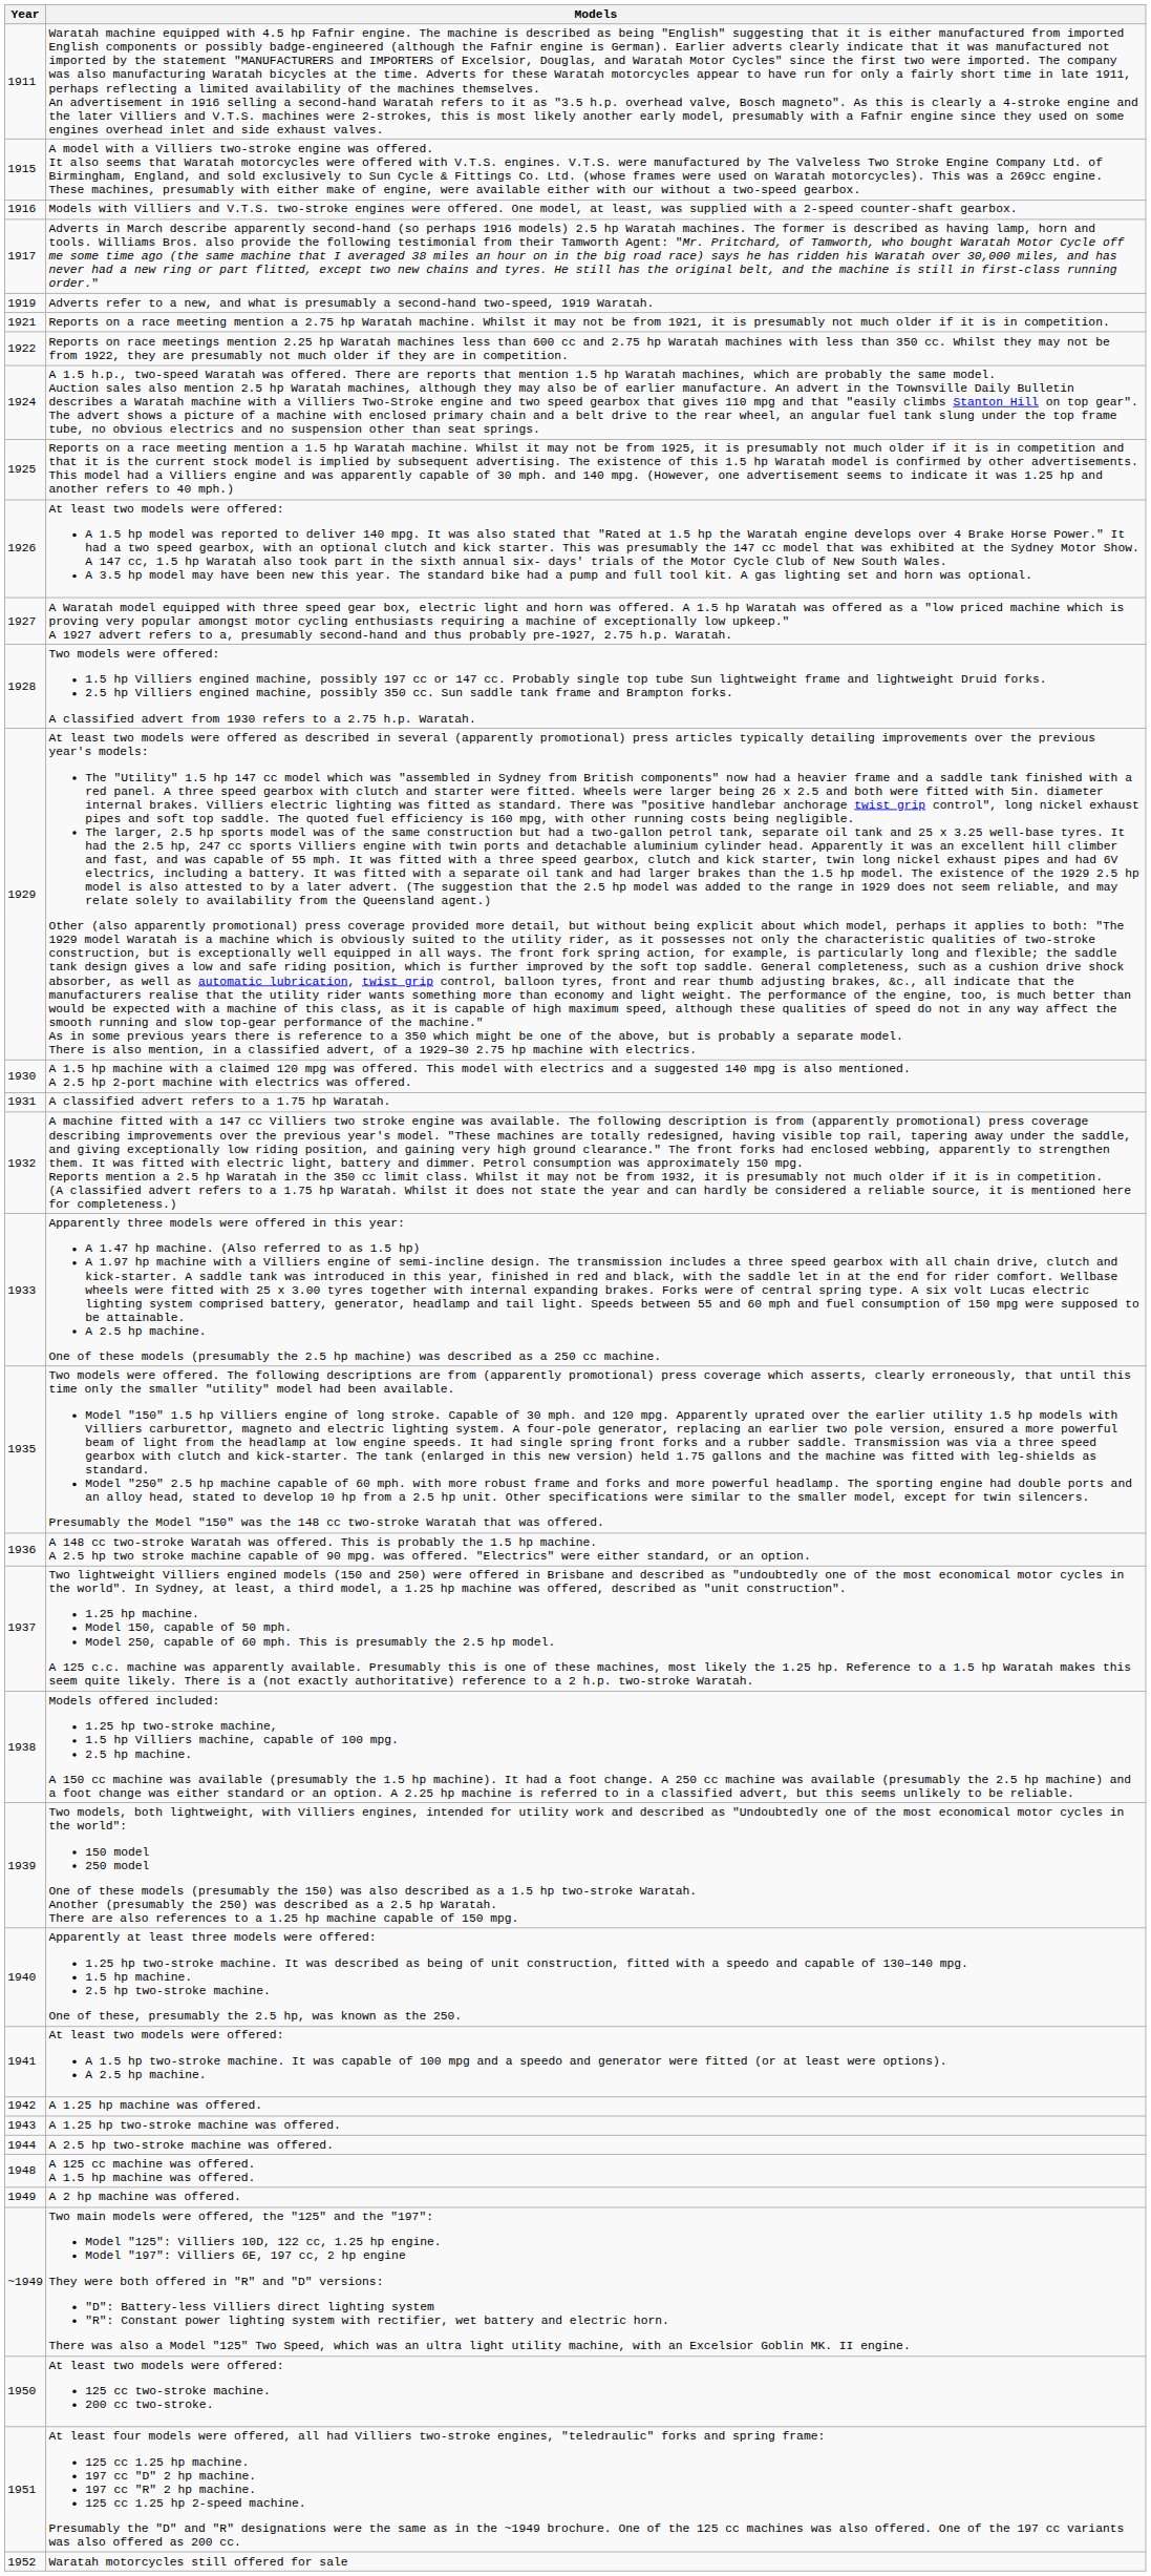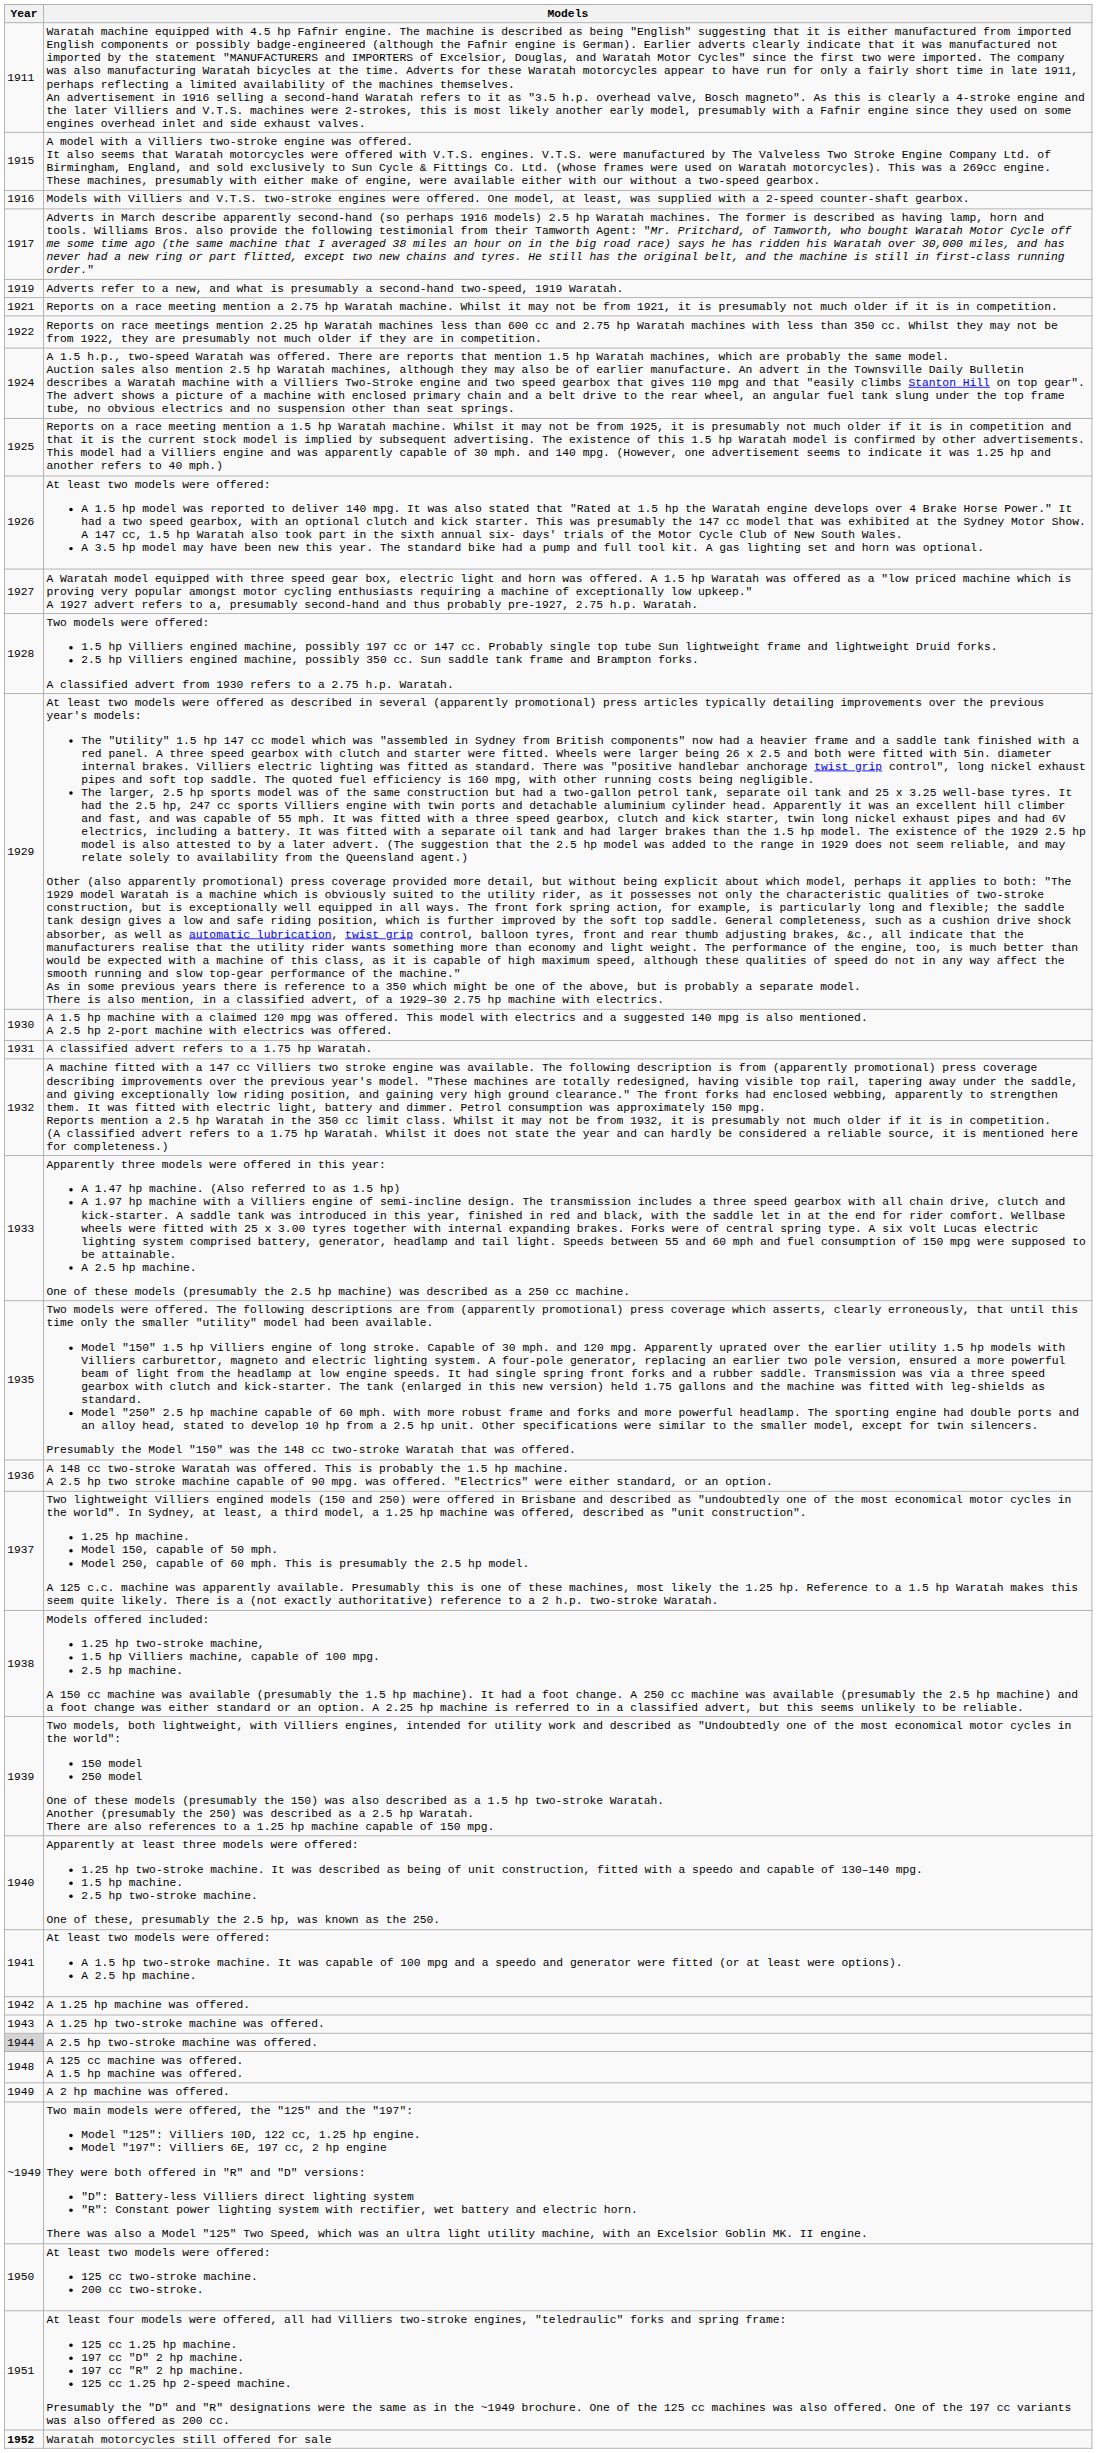 <table class="wikitable" border="1">
 <tr>
 <th>Year</th>
 <th>Models</th>
 </tr>
 <tr>
 <td>1911</td>
 <td>Waratah machine equipped with 4.5 hp Fafnir engine. The machine is described as being "English" suggesting that it is either manufactured from imported English components or possibly badge-engineered (although the Fafnir engine is German). Earlier adverts clearly indicate that it was manufactured not imported by the statement "MANUFACTURERS and IMPORTERS of Excelsior, Douglas, and Waratah Motor Cycles" since the first two were imported. The company was also manufacturing Waratah bicycles at the time. Adverts for these Waratah motorcycles appear to have run for only a fairly short time in late 1911, perhaps reflecting a limited availability of the machines themselves.<br>An advertisement in 1916 selling a second-hand Waratah refers to it as "3.5 h.p. overhead valve, Bosch magneto". As this is clearly a 4-stroke engine and the later Villiers and V.T.S. machines were 2-strokes, this is most likely another early model, presumably with a Fafnir engine since they used on some engines overhead inlet and side exhaust valves.</td>
 </tr>
 <tr>
 <td>1915</td>
 <td>A model with a Villiers two-stroke engine was offered.<br>It also seems that Waratah motorcycles were offered with V.T.S. engines. V.T.S. were manufactured by The Valveless Two Stroke Engine Company Ltd. of Birmingham, England, and sold exclusively to Sun Cycle & Fittings Co. Ltd. (whose frames were used on Waratah motorcycles). This was a 269cc engine.<br>These machines, presumably with either make of engine, were available either with our without a two-speed gearbox.</td>
 </tr>
 <tr>
 <td>1916</td>
 <td>Models with Villiers and V.T.S. two-stroke engines were offered. One model, at least, was supplied with a 2-speed counter-shaft gearbox.</td>
 </tr>
 <tr>
 <td>1917</td>
 <td>Adverts in March describe apparently second-hand (so perhaps 1916 models) 2.5 hp Waratah machines. The former is described as having lamp, horn and tools. Williams Bros. also provide the following testimonial from their Tamworth Agent: "<em>Mr. Pritchard, of Tamworth, who bought Waratah Motor Cycle off me some time ago (the same machine that I averaged 38 miles an hour on in the big road race) says he has ridden his Waratah over 30,000 miles, and has never had a new ring or part flitted, except two new chains and tyres. He still has the original belt, and the machine is still in first-class running order.</em>"</td>
 </tr>
 <tr>
 <td>1919</td>
 <td>Adverts refer to a new, and what is presumably a second-hand two-speed, 1919 Waratah.</td>
 </tr>
 <tr>
 <td>1921</td>
 <td>Reports on a race meeting mention a 2.75 hp Waratah machine. Whilst it may not be from 1921, it is presumably not much older if it is in competition.</td>
 </tr>
 <tr>
 <td>1922</td>
 <td>Reports on race meetings mention 2.25 hp Waratah machines less than 600 cc and 2.75 hp Waratah machines with less than 350 cc. Whilst they may not be from 1922, they are presumably not much older if they are in competition.</td>
 </tr>
 <tr>
 <td>1924</td>
 <td>A 1.5 h.p., two-speed Waratah was offered. There are reports that mention 1.5 hp Waratah machines, which are probably the same model.<br>Auction sales also mention 2.5 hp Waratah machines, although they may also be of earlier manufacture. An advert in the Townsville Daily Bulletin describes a Waratah machine with a Villiers Two-Stroke engine and two speed gearbox that gives 110 mpg and that "easily climbs <a href='#'>Stanton Hill</a> on top gear". The advert shows a picture of a machine with enclosed primary chain and a belt drive to the rear wheel, an angular fuel tank slung under the top frame tube, no obvious electrics and no suspension other than seat springs.</td>
 </tr>
 <tr>
 <td>1925</td>
 <td>Reports on a race meeting mention a 1.5 hp Waratah machine. Whilst it may not be from 1925, it is presumably not much older if it is in competition and that it is the current stock model is implied by subsequent advertising. The existence of this 1.5 hp Waratah model is confirmed by other advertisements. This model had a Villiers engine and was apparently capable of 30 mph. and 140 mpg. (However, one advertisement seems to indicate it was 1.25 hp and another refers to 40 mph.)</td>
 </tr>
 <tr>
 <td>1926</td>
 <td>At least two models were offered:<br><ul><li>A 1.5 hp model was reported to deliver 140 mpg. It was also stated that "Rated at 1.5 hp the Waratah engine develops over 4 Brake Horse Power." It had a two speed gearbox, with an optional clutch and kick starter. This was presumably the 147 cc model that was exhibited at the Sydney Motor Show. A 147 cc, 1.5 hp Waratah also took part in the sixth annual six- days' trials of the Motor Cycle Club of New South Wales.</li><li>A 3.5 hp model may have been new this year. The standard bike had a pump and full tool kit. A gas lighting set and horn was optional.</li></ul></td>
 </tr>
 <tr>
 <td>1927</td>
 <td>A Waratah model equipped with three speed gear box, electric light and horn was offered. A 1.5 hp Waratah was offered as a "low priced machine which is proving very popular amongst motor cycling enthusiasts requiring a machine of exceptionally low upkeep."<br>A 1927 advert refers to a, presumably second-hand and thus probably pre-1927, 2.75 h.p. Waratah.</td>
 </tr>
 <tr>
 <td>1928</td>
 <td>Two models were offered:<br><ul><li>1.5 hp Villiers engined machine, possibly 197 cc or 147 cc. Probably single top tube Sun lightweight frame and lightweight Druid forks.</li><li>2.5 hp Villiers engined machine, possibly 350 cc. Sun saddle tank frame and Brampton forks.</li></ul>A classified advert from 1930 refers to a 2.75 h.p. Waratah.</td>
 </tr>
 <tr>
 <td>1929</td>
 <td>At least two models were offered as described in several (apparently promotional) press articles typically detailing improvements over the previous year's models:<br><ul><li>The "Utility" 1.5 hp 147 cc model which was "assembled in Sydney from British components" now had a heavier frame and a saddle tank finished with a red panel. A three speed gearbox with clutch and starter were fitted. Wheels were larger being 26 x 2.5 and both were fitted with 5in. diameter internal brakes. Villiers electric lighting was fitted as standard. There was "positive handlebar anchorage <a href='#'>twist grip</a> control", long nickel exhaust pipes and soft top saddle. The quoted fuel efficiency is 160 mpg, with other running costs being negligible.</li><li>The larger, 2.5 hp sports model was of the same construction but had a two-gallon petrol tank, separate oil tank and 25 x 3.25 well-base tyres. It had the 2.5 hp, 247 cc sports Villiers engine with twin ports and detachable aluminium cylinder head. Apparently it was an excellent hill climber and fast, and was capable of 55 mph. It was fitted with a three speed gearbox, clutch and kick starter, twin long nickel exhaust pipes and had 6V electrics, including a battery. It was fitted with a separate oil tank and had larger brakes than the 1.5 hp model. The existence of the 1929 2.5 hp model is also attested to by a later advert. (The suggestion that the 2.5 hp model was added to the range in 1929 does not seem reliable, and may relate solely to availability from the Queensland agent.)</li></ul>Other (also apparently promotional) press coverage provided more detail, but without being explicit about which model, perhaps it applies to both: "The 1929 model Waratah is a machine which is obviously suited to the utility rider, as it possesses not only the characteristic qualities of two-stroke construction, but is exceptionally well equipped in all ways. The front fork spring action, for example, is particularly long and flexible; the saddle tank design gives a low and safe riding position, which is further improved by the soft top saddle. General completeness, such as a cushion drive shock absorber, as well as <a href='#'>automatic lubrication</a>, <a href='#'>twist grip</a> control, balloon tyres, front and rear thumb adjusting brakes, &c., all indicate that the manufacturers realise that the utility rider wants something more than economy and light weight. The performance of the engine, too, is much better than would be expected with a machine of this class, as it is capable of high maximum speed, although these qualities of speed do not in any way affect the smooth running and slow top-gear performance of the machine."<br>As in some previous years there is reference to a 350 which might be one of the above, but is probably a separate model.<br>There is also mention, in a classified advert, of a 1929–30 2.75 hp machine with electrics.</td>
 </tr>
 <tr>
 <td>1930</td>
 <td>A 1.5 hp machine with a claimed 120 mpg was offered. This model with electrics and a suggested 140 mpg is also mentioned.<br>A 2.5 hp 2-port machine with electrics was offered.</td>
 </tr>
 <tr>
 <td>1931</td>
 <td>A classified advert refers to a 1.75 hp Waratah.</td>
 </tr>
 <tr>
 <td>1932</td>
 <td>A machine fitted with a 147 cc Villiers two stroke engine was available. The following description is from (apparently promotional) press coverage describing improvements over the previous year's model. "These machines are totally redesigned, having visible top rail, tapering away under the saddle, and giving exceptionally low riding position, and gaining very high ground clearance." The front forks had enclosed webbing, apparently to strengthen them. It was fitted with electric light, battery and dimmer. Petrol consumption was approximately 150 mpg.<br>Reports mention a 2.5 hp Waratah in the 350 cc limit class. Whilst it may not be from 1932, it is presumably not much older if it is in competition.<br>(A classified advert refers to a 1.75 hp Waratah. Whilst it does not state the year and can hardly be considered a reliable source, it is mentioned here for completeness.)</td>
 </tr>
 <tr>
 <td>1933</td>
 <td>Apparently three models were offered in this year:<br><ul><li>A 1.47 hp machine. (Also referred to as 1.5 hp)</li><li>A 1.97 hp machine with a Villiers engine of semi-incline design. The transmission includes a three speed gearbox with all chain drive, clutch and kick-starter. A saddle tank was introduced in this year, finished in red and black, with the saddle let in at the end for rider comfort. Wellbase wheels were fitted with 25 x 3.00 tyres together with internal expanding brakes. Forks were of central spring type. A six volt Lucas electric lighting system comprised battery, generator, headlamp and tail light. Speeds between 55 and 60 mph and fuel consumption of 150 mpg were supposed to be attainable.</li><li>A 2.5 hp machine.</li></ul>One of these models (presumably the 2.5 hp machine) was described as a 250 cc machine.</td>
 </tr>
 <tr>
 <td>1935</td>
 <td>Two models were offered. The following descriptions are from (apparently promotional) press coverage which asserts, clearly erroneously, that until this time only the smaller "utility" model had been available.<br><ul><li>Model "150" 1.5 hp Villiers engine of long stroke. Capable of 30 mph. and 120 mpg. Apparently uprated over the earlier utility 1.5 hp models with Villiers carburettor, magneto and electric lighting system. A four-pole generator, replacing an earlier two pole version, ensured a more powerful beam of light from the headlamp at low engine speeds. It had single spring front forks and a rubber saddle. Transmission was via a three speed gearbox with clutch and kick-starter. The tank (enlarged in this new version) held 1.75 gallons and the machine was fitted with leg-shields as standard.</li><li>Model "250" 2.5 hp machine capable of 60 mph. with more robust frame and forks and more powerful headlamp. The sporting engine had double ports and an alloy head, stated to develop 10 hp from a 2.5 hp unit. Other specifications were similar to the smaller model, except for twin silencers.</li></ul>Presumably the Model "150" was the 148 cc two-stroke Waratah that was offered.</td>
 </tr>
 <tr>
 <td>1936</td>
 <td>A 148 cc two-stroke Waratah was offered. This is probably the 1.5 hp machine.<br>A 2.5 hp two stroke machine capable of 90 mpg. was offered. "Electrics" were either standard, or an option.</td>
 </tr>
 <tr>
 <td>1937</td>
 <td>Two lightweight Villiers engined models (150 and 250) were offered in Brisbane and described as "undoubtedly one of the most economical motor cycles in the world". In Sydney, at least, a third model, a 1.25 hp machine was offered, described as "unit construction".<br><ul><li>1.25 hp machine.</li><li>Model 150, capable of 50 mph.</li><li>Model 250, capable of 60 mph. This is presumably the 2.5 hp model.</li></ul>A 125 c.c. machine was apparently available. Presumably this is one of these machines, most likely the 1.25 hp. Reference to a 1.5 hp Waratah makes this seem quite likely. There is a (not exactly authoritative) reference to a 2 h.p. two-stroke Waratah.</td>
 </tr>
 <tr>
 <td>1938</td>
 <td>Models offered included:<br><ul><li>1.25 hp two-stroke machine,</li><li>1.5 hp Villiers machine, capable of 100 mpg.</li><li>2.5 hp machine.</li></ul>A 150 cc machine was available (presumably the 1.5 hp machine). It had a foot change. A 250 cc machine was available (presumably the 2.5 hp machine) and a foot change was either standard or an option. A 2.25 hp machine is referred to in a classified advert, but this seems unlikely to be reliable.</td>
 </tr>
 <tr>
 <td>1939</td>
 <td>Two models, both lightweight, with Villiers engines, intended for utility work and described as "Undoubtedly one of the most economical motor cycles in the world":<br><ul><li>150 model</li><li>250 model</li></ul>One of these models (presumably the 150) was also described as a 1.5 hp two-stroke Waratah.<br>Another (presumably the 250) was described as a 2.5 hp Waratah.<br>There are also references to a 1.25 hp machine capable of 150 mpg.</td>
 </tr>
 <tr>
 <td>1940</td>
 <td>Apparently at least three models were offered:<br><ul><li>1.25 hp two-stroke machine. It was described as being of unit construction, fitted with a speedo and capable of 130–140 mpg.</li><li>1.5 hp machine.</li><li>2.5 hp two-stroke machine.</li></ul>One of these, presumably the 2.5 hp, was known as the 250.</td>
 </tr>
 <tr>
 <td>1941</td>
 <td>At least two models were offered:<br><ul><li>A 1.5 hp two-stroke machine. It was capable of 100 mpg and a speedo and generator were fitted (or at least were options).</li><li>A 2.5 hp machine.</li></ul></td>
 </tr>
 <tr>
 <td>1942</td>
 <td>A 1.25 hp machine was offered.</td>
 </tr>
 <tr>
 <td>1943</td>
 <td>A 1.25 hp two-stroke machine was offered.</td>
 </tr>
 <tr>
-<td>1944</td>
+<td style="background: lightgrey;">1944</td>
 <td>A 2.5 hp two-stroke machine was offered.</td>
 </tr>
 <tr>
 <td>1948</td>
 <td>A 125 cc machine was offered.<br>A 1.5 hp machine was offered.</td>
 </tr>
 <tr>
 <td>1949</td>
 <td>A 2 hp machine was offered.</td>
 </tr>
 <tr>
 <td>~1949</td>
 <td>Two main models were offered, the "125" and the "197":<br><ul><li>Model "125": Villiers 10D, 122 cc, 1.25 hp engine.</li><li>Model "197": Villiers 6E, 197 cc, 2 hp engine</li></ul>They were both offered in "R" and "D" versions:<ul><li>"D": Battery-less Villiers direct lighting system</li><li>"R": Constant power lighting system with rectifier, wet battery and electric horn.</li></ul>There was also a Model "125" Two Speed, which was an ultra light utility machine, with an Excelsior Goblin MK. II engine.</td>
 </tr>
 <tr>
 <td>1950</td>
 <td>At least two models were offered:<br><ul><li>125 cc two-stroke machine.</li><li>200 cc two-stroke.</li></ul></td>
 </tr>
 <tr>
 <td>1951</td>
 <td>At least four models were offered, all had Villiers two-stroke engines, "teledraulic" forks and spring frame:<br><ul><li>125 cc 1.25 hp machine.</li><li>197 cc "D" 2 hp machine.</li><li>197 cc "R" 2 hp machine.</li><li>125 cc 1.25 hp 2-speed machine.</li></ul>Presumably the "D" and "R" designations were the same as in the ~1949 brochure. One of the 125 cc machines was also offered. One of the 197 cc variants was also offered as 200 cc.</td>
 </tr>
 <tr>
-<td>1952</td>
+<td><strong>1952</strong></td>
 <td>Waratah motorcycles still offered for sale</td>
 </tr>
 </table>
